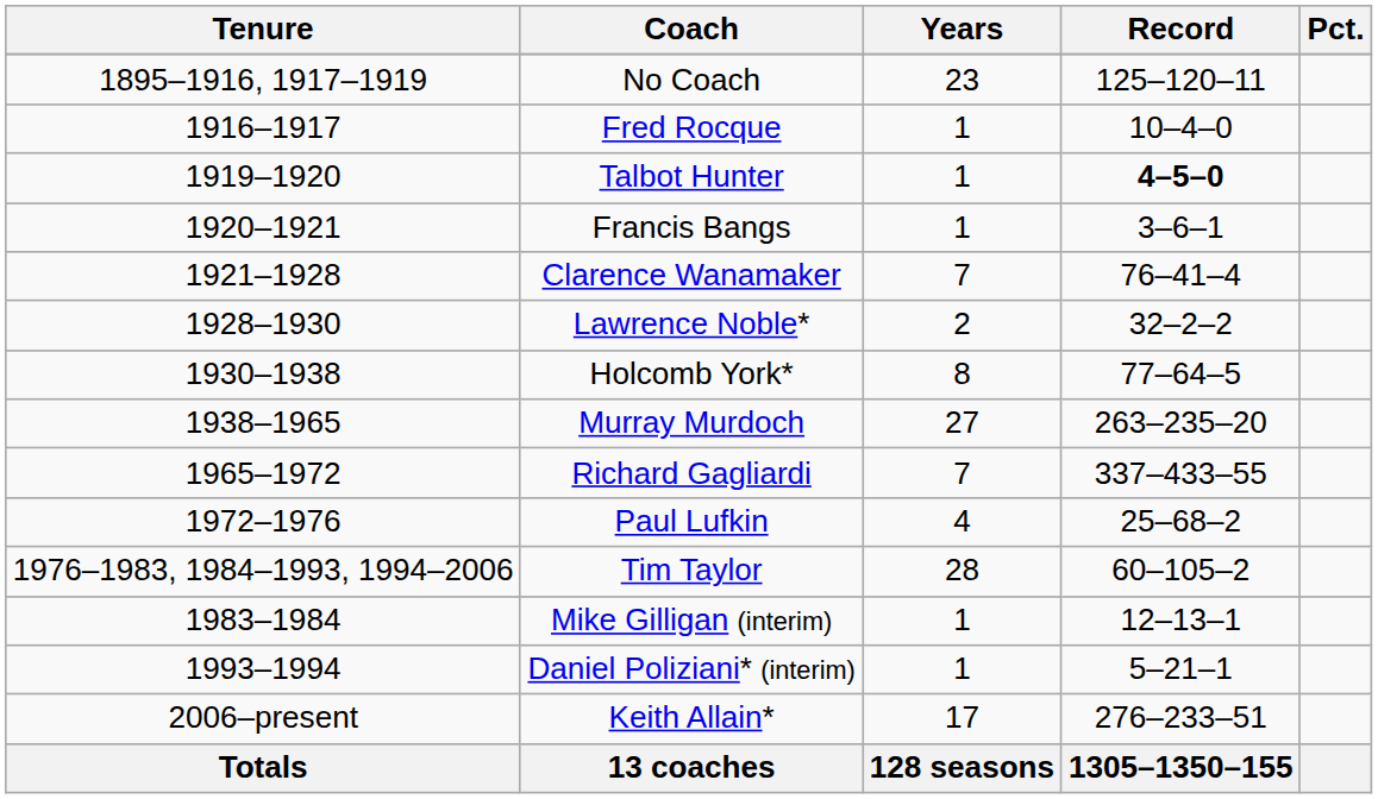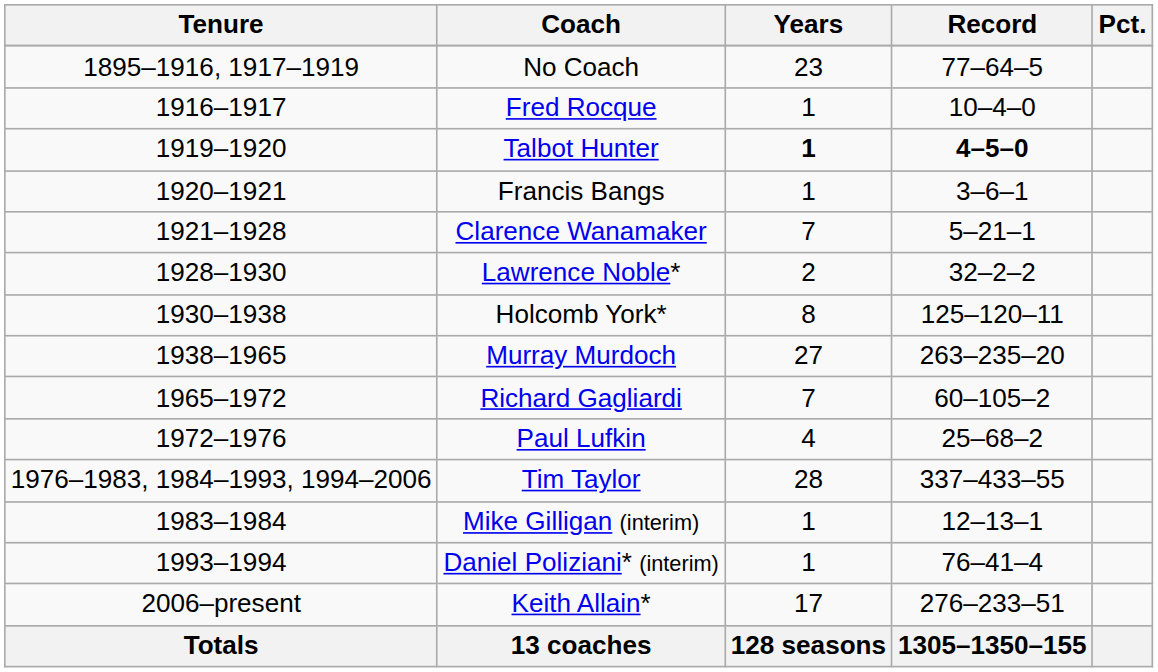 <table class= "wikitable">
 <tr>
 <th>Tenure</th>
 <th>Coach</th>
 <th>Years</th>
 <th>Record</th>
 <th>Pct.</th>
 </tr>
 <tr align="center">
 </tr>
 <tr style="text-align:center;">
 <td>1895–1916, 1917–1919</td>
 <td>No Coach</td>
 <td>23</td>
-<td>125–120–11</td>
+<td>77–64–5</td>
 <td></td>
 </tr>
 <tr style="text-align:center;">
 <td>1916–1917</td>
 <td><a href='#'>Fred Rocque</a></td>
 <td>1</td>
 <td>10–4–0</td>
 <td></td>
 </tr>
 <tr style="text-align:center;">
 <td>1919–1920</td>
 <td><a href='#'>Talbot Hunter</a></td>
-<td>1</td>
+<td><strong>1</strong></td>
 <td><strong>4–5–0</strong></td>
 <td></td>
 </tr>
 <tr style="text-align:center;">
 <td>1920–1921</td>
 <td>Francis Bangs</td>
 <td>1</td>
 <td>3–6–1</td>
 <td></td>
 </tr>
 <tr style="text-align:center;">
 <td>1921–1928</td>
 <td><a href='#'>Clarence Wanamaker</a></td>
 <td>7</td>
-<td>76–41–4</td>
+<td>5–21–1</td>
 <td></td>
 </tr>
 <tr style="text-align:center;">
 <td>1928–1930</td>
 <td><a href='#'>Lawrence Noble</a>*</td>
 <td>2</td>
 <td>32–2–2</td>
 <td></td>
 </tr>
 <tr style="text-align:center;">
 <td>1930–1938</td>
 <td>Holcomb York*</td>
 <td>8</td>
-<td>77–64–5</td>
+<td>125–120–11</td>
 <td></td>
 </tr>
 <tr style="text-align:center;">
 <td>1938–1965</td>
 <td><a href='#'>Murray Murdoch</a></td>
 <td>27</td>
 <td>263–235–20</td>
 <td></td>
 </tr>
 <tr style="text-align:center;">
 <td>1965–1972</td>
 <td><a href='#'>Richard Gagliardi</a></td>
 <td>7</td>
-<td>337–433–55</td>
+<td>60–105–2</td>
 <td></td>
 </tr>
 <tr style="text-align:center;">
 <td>1972–1976</td>
 <td><a href='#'>Paul Lufkin</a></td>
 <td>4</td>
 <td>25–68–2</td>
 <td></td>
 </tr>
 <tr style="text-align:center;">
 <td>1976–1983, 1984–1993, 1994–2006</td>
 <td><a href='#'>Tim Taylor</a></td>
 <td>28</td>
-<td>60–105–2</td>
+<td>337–433–55</td>
 <td></td>
 </tr>
 <tr style="text-align:center;">
 <td>1983–1984</td>
 <td><a href='#'>Mike Gilligan</a> <small>(interim)</small></td>
 <td>1</td>
 <td>12–13–1</td>
 <td></td>
 </tr>
 <tr style="text-align:center;">
 <td>1993–1994</td>
 <td><a href='#'>Daniel Poliziani</a>* <small>(interim)</small></td>
 <td>1</td>
-<td>5–21–1</td>
+<td>76–41–4</td>
 <td></td>
 </tr>
 <tr style="text-align:center;">
 <td>2006–present</td>
 <td><a href='#'>Keith Allain</a>*</td>
 <td>17</td>
 <td>276–233–51</td>
 <td></td>
 </tr>
 <tr align=center>
 <th>Totals</th>
 <th>13 coaches</th>
 <th>128 seasons</th>
 <th>1305–1350–155</th>
 <th></th>
 </tr>
 </table>
